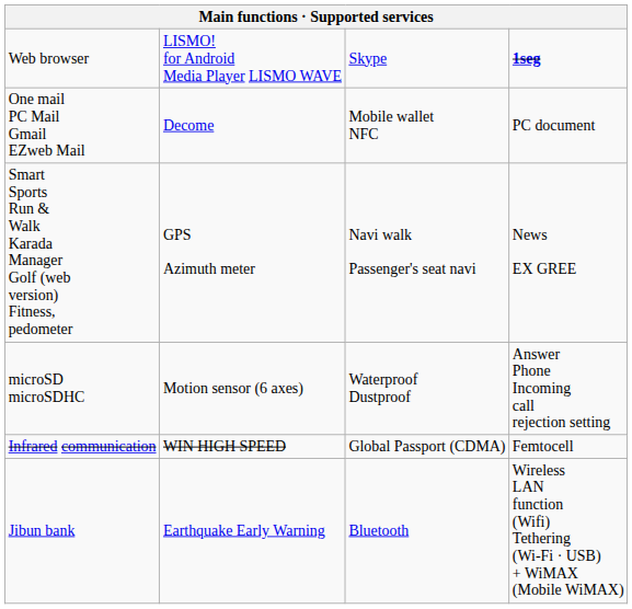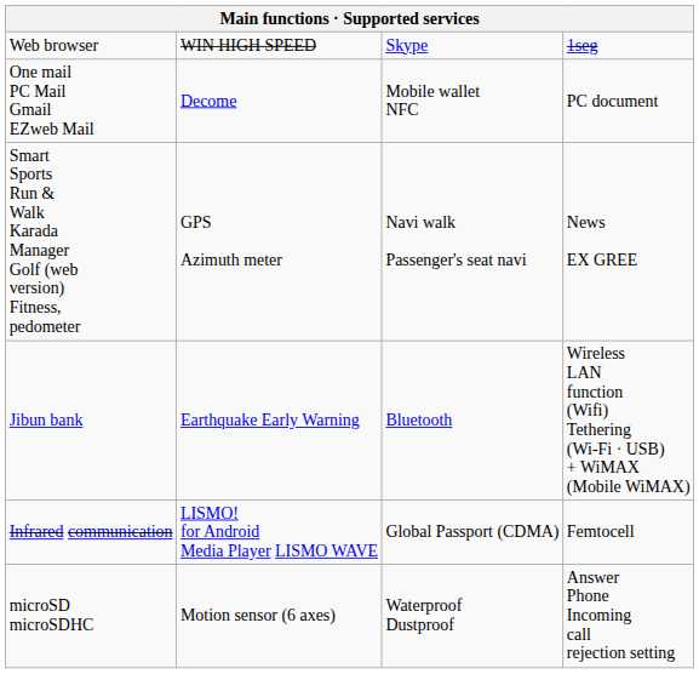 <table class="wikitable" style="margin-right: 0.5em; margin-bottom: 188px;">
 <tr>
 <th colspan="4">Main functions · Supported services</th>
 </tr>
 <tr>
 <td>Web browser</td>
-<td><a href='#'>LISMO!<br>for Android</a><br><a href='#'>Media Player</a> <a href='#'>LISMO WAVE</a></td>
+<td><del>WIN HIGH SPEED</del></td>
 <td><a href='#'>Skype</a></td>
-<td><strong><del><a href='#'>1seg</a></del></strong></td>
+<td><del><a href='#'>1seg</a></del></td>
 </tr>
 <tr>
 <td>One mail<br>PC Mail<br>Gmail<br>EZweb Mail</td>
 <td><a href='#'>Decome</a></td>
 <td>Mobile wallet<br>NFC</td>
 <td>PC document</td>
 </tr>
 <tr>
 <td>Smart <br>Sports<br>Run &<br>Walk<br>Karada<br>Manager<br>Golf (web<br> version)<br>Fitness,<br>pedometer</td>
 <td>GPS<br><br>Azimuth meter</td>
 <td>Navi walk <br><br>Passenger's seat navi</td>
 <td>News <br><br>EX GREE</td>
 </tr>
 <tr>
+<td><a href='#'>Jibun bank</a></td>
+<td><a href='#'>Earthquake Early Warning</a></td>
+<td><a href='#'>Bluetooth</a></td>
+<td>Wireless <br>LAN<br>function<br>(Wifi)<br>Tethering<br>(Wi-Fi · USB)<br>+ WiMAX<br>(Mobile WiMAX)</td>
+</tr>
+<tr>
+<td><del><a href='#'>Infrared</a></del> <del><a href='#'>communication</a></del></td>
+<td><a href='#'>LISMO!<br>for Android</a><br><a href='#'>Media Player</a> <a href='#'>LISMO WAVE</a></td>
+<td>Global Passport (CDMA)</td>
+<td>Femtocell</td>
+</tr>
+<tr>
 <td>microSD<br>microSDHC</td>
 <td>Motion sensor (6 axes)</td>
 <td>Waterproof<br>Dustproof</td>
 <td>Answer <br>Phone<br>Incoming <br>call <br>rejection setting</td>
 </tr>
-<tr>
-<td><del><a href='#'>Infrared</a></del> <del><a href='#'>communication</a></del></td>
-<td><del>WIN HIGH SPEED</del></td>
-<td>Global Passport (CDMA)</td>
-<td>Femtocell</td>
-</tr>
-<tr>
-<td><a href='#'>Jibun bank</a></td>
-<td><a href='#'>Earthquake Early Warning</a></td>
-<td><a href='#'>Bluetooth</a></td>
-<td>Wireless <br>LAN<br>function<br>(Wifi)<br>Tethering<br>(Wi-Fi · USB)<br>+ WiMAX<br>(Mobile WiMAX)</td>
-</tr>
 </table>
